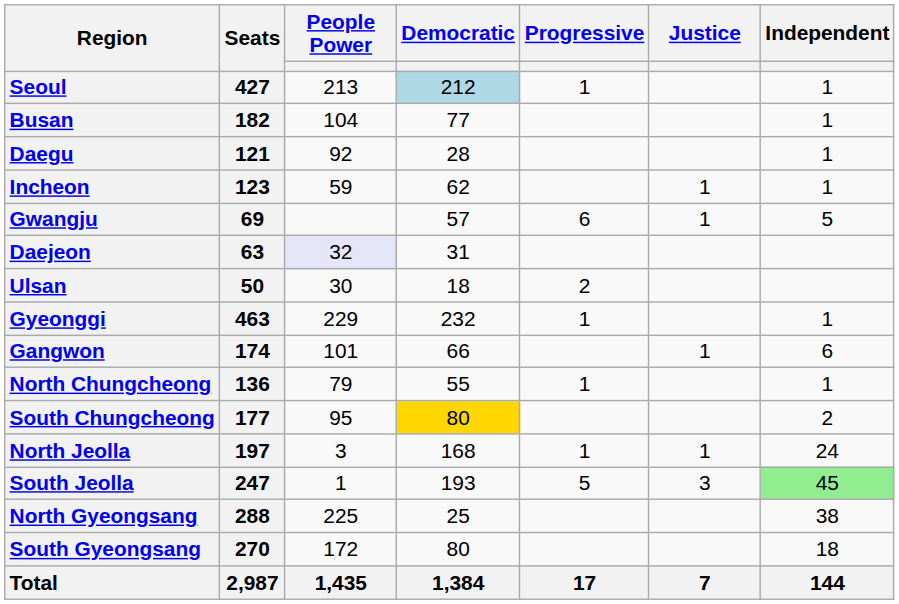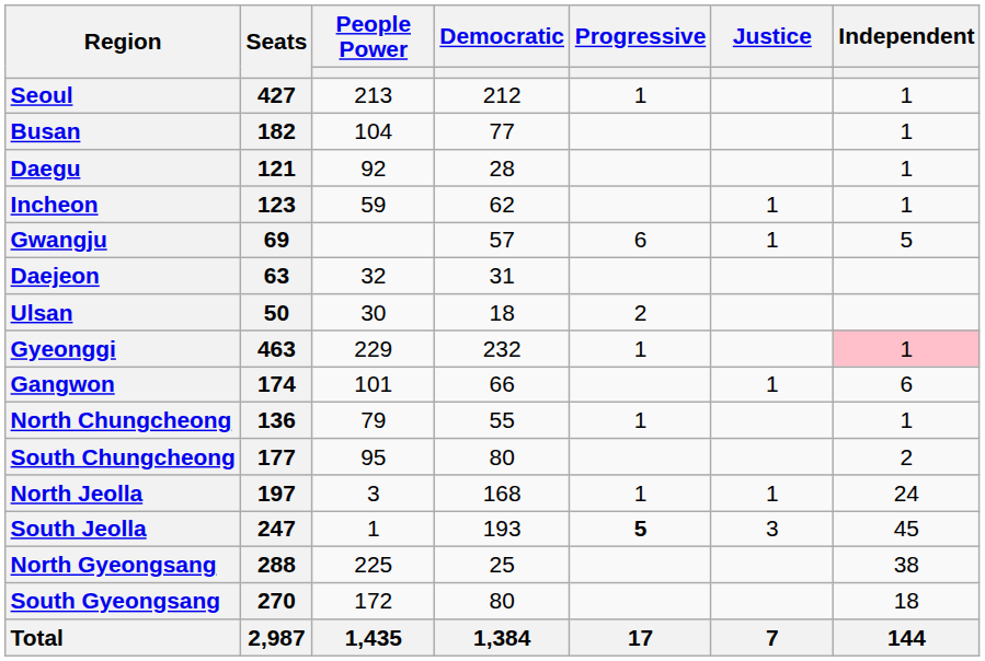 <table class="wikitable" style="text-align:center; font-size: 0.9em;">
 <tr>
 <th rowspan="2">Region</th>
 <th rowspan="2">Seats</th>
 <th class="unsortable" style="width:70px;"><a href='#'>People Power</a></th>
 <th class="unsortable" style="width:70px;"><a href='#'>Democratic</a></th>
 <th class="unsortable" style="width:70px;"><a href='#'>Progressive</a></th>
 <th class="unsortable" style="width:70px;"><a href='#'>Justice</a></th>
 <th class="unsortable" style="width:70px;">Independent</th>
 </tr>
 <tr>
 <th style="background:"></th>
 <th style="background:"></th>
 <th style="background:"></th>
 <th style="background:"></th>
 <th style="background:"></th>
 </tr>
 <tr>
 <th style="text-align: left;"><a href='#'>Seoul</a></th>
 <th>427</th>
 <td>213</td>
-<td style="background: lightblue;">212</td>
+<td>212</td>
 <td>1</td>
 <td></td>
 <td>1</td>
 </tr>
 <tr>
 <th style="text-align: left;"><a href='#'>Busan</a></th>
 <th>182</th>
 <td>104</td>
 <td>77</td>
 <td></td>
 <td></td>
 <td>1</td>
 </tr>
 <tr>
 <th style="text-align: left;"><a href='#'>Daegu</a></th>
 <th>121</th>
 <td>92</td>
 <td>28</td>
 <td></td>
 <td></td>
 <td>1</td>
 </tr>
 <tr>
 <th style="text-align: left;"><a href='#'>Incheon</a></th>
 <th>123</th>
 <td>59</td>
 <td>62</td>
 <td></td>
 <td>1</td>
 <td>1</td>
 </tr>
 <tr>
 <th style="text-align: left;"><a href='#'>Gwangju</a></th>
 <th>69</th>
 <td></td>
 <td>57</td>
 <td>6</td>
 <td>1</td>
 <td>5</td>
 </tr>
 <tr>
 <th style="text-align: left;"><a href='#'>Daejeon</a></th>
 <th>63</th>
-<td style="background: lavender;">32</td>
+<td>32</td>
 <td>31</td>
 <td></td>
 <td></td>
 <td></td>
 </tr>
 <tr>
 <th style="text-align: left;"><a href='#'>Ulsan</a></th>
 <th>50</th>
 <td>30</td>
 <td>18</td>
 <td>2</td>
 <td></td>
 <td></td>
 </tr>
 <tr>
 <th style="text-align: left;"><a href='#'>Gyeonggi</a></th>
 <th>463</th>
 <td>229</td>
 <td>232</td>
 <td>1</td>
 <td></td>
-<td>1</td>
+<td style="background: pink;">1</td>
 </tr>
 <tr>
 <th style="text-align: left;"><a href='#'>Gangwon</a></th>
 <th>174</th>
 <td>101</td>
 <td>66</td>
 <td></td>
 <td>1</td>
 <td>6</td>
 </tr>
 <tr>
 <th style="text-align: left;"><a href='#'>North Chungcheong</a></th>
 <th>136</th>
 <td>79</td>
 <td>55</td>
 <td>1</td>
 <td></td>
 <td>1</td>
 </tr>
 <tr>
 <th style="text-align: left;"><a href='#'>South Chungcheong</a></th>
 <th>177</th>
 <td>95</td>
-<td style="background: gold;">80</td>
+<td>80</td>
 <td></td>
 <td></td>
 <td>2</td>
 </tr>
 <tr>
 <th style="text-align: left;"><a href='#'>North Jeolla</a></th>
 <th>197</th>
 <td>3</td>
 <td>168</td>
 <td>1</td>
 <td>1</td>
 <td>24</td>
 </tr>
 <tr>
 <th style="text-align: left;"><a href='#'>South Jeolla</a></th>
 <th>247</th>
 <td>1</td>
 <td>193</td>
-<td>5</td>
+<td><strong>5</strong></td>
 <td>3</td>
-<td style="background: lightgreen;">45</td>
+<td>45</td>
 </tr>
 <tr>
 <th style="text-align: left;"><a href='#'>North Gyeongsang</a></th>
 <th>288</th>
 <td>225</td>
 <td>25</td>
 <td></td>
 <td></td>
 <td>38</td>
 </tr>
 <tr>
 <th style="text-align: left;"><a href='#'>South Gyeongsang</a></th>
 <th>270</th>
 <td>172</td>
 <td>80</td>
 <td></td>
 <td></td>
 <td>18</td>
 </tr>
 <tr class="sortbottom">
 <th style="text-align: left;">Total</th>
 <th>2,987</th>
 <th>1,435</th>
 <th>1,384</th>
 <th>17</th>
 <th>7</th>
 <th>144</th>
 </tr>
 </table>
